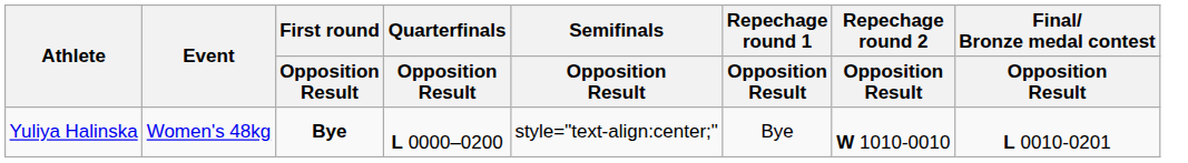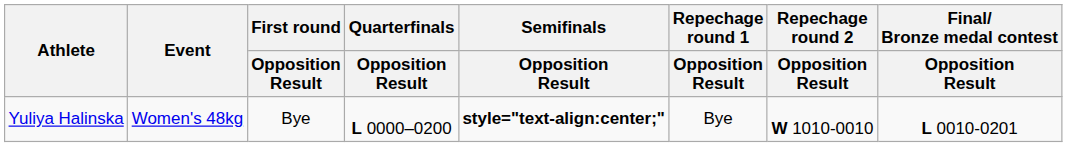 <table class=wikitable style="font-size:90%">
 <tr>
 <th rowspan="2">Athlete</th>
 <th rowspan="2">Event</th>
 <th>First round</th>
 <th>Quarterfinals</th>
 <th>Semifinals</th>
 <th>Repechage <br>round 1</th>
 <th>Repechage <br>round 2</th>
 <th>Final/<br>Bronze medal contest</th>
 </tr>
 <tr>
 <th>Opposition<br>Result</th>
 <th>Opposition<br>Result</th>
 <th>Opposition<br>Result</th>
 <th>Opposition<br>Result</th>
 <th>Opposition<br>Result</th>
 <th>Opposition<br>Result</th>
 </tr>
 <tr>
 <td><a href='#'>Yuliya Halinska</a></td>
 <td style="text-align:center;"><a href='#'>Women's 48kg</a></td>
-<td style="text-align:center;"><strong>Bye</strong></td>
+<td style="text-align:center;">Bye</td>
 <td style="text-align:center;"><br> <strong>L</strong> 0000–0200</td>
-<td>style="text-align:center;" </td>
+<td><strong>style="text-align:center;" </strong></td>
 <td style="text-align:center;">Bye</td>
 <td style="text-align:center;"><br> <strong>W</strong> 1010-0010</td>
 <td style="text-align:center;"><br> <strong>L</strong> 0010-0201</td>
 </tr>
 </table>
